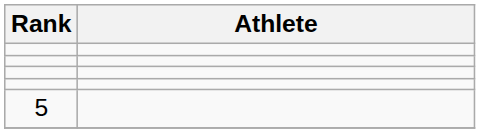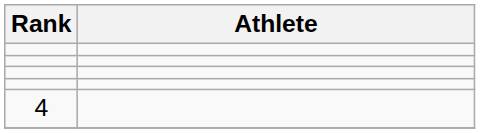 <table class="wikitable" style="text-align: center;">
 <tr>
 <th width=40>Rank</th>
 <th width=250>Athlete</th>
 </tr>
 <tr>
 <td></td>
 <td align="left"></td>
 </tr>
 <tr>
 <td></td>
 <td align="left"></td>
 </tr>
 <tr>
 <td></td>
 <td align="left"></td>
 </tr>
 <tr>
 <td></td>
 <td align="left"></td>
 </tr>
 <tr>
-<td>5</td>
+<td>4</td>
 <td align="left"></td>
 </tr>
 <tr>
 </tr>
 </table>
